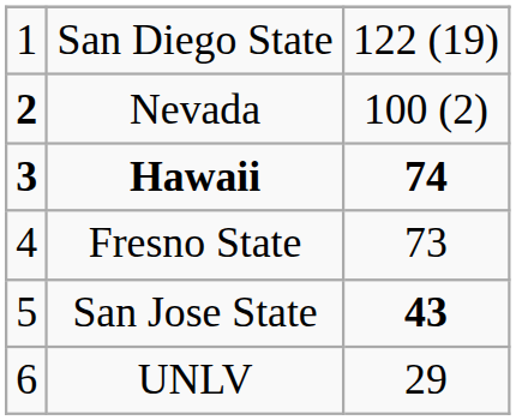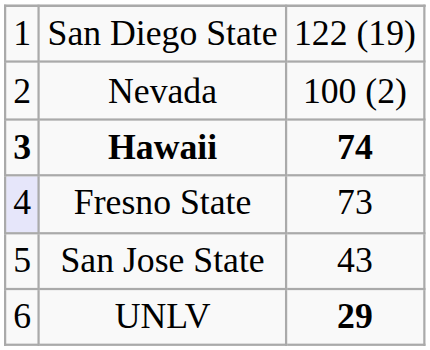 <table class="wikitable" style="display: inline-table;">
 <tr align="center">
 </tr>
 <tr align="center">
 <td>1</td>
 <td>San Diego State</td>
 <td>122 (19)</td>
 </tr>
 <tr align="center">
-<td><strong>2</strong></td>
+<td>2</td>
 <td>Nevada</td>
 <td>100 (2)</td>
 </tr>
 <tr align="center">
 <td><strong>3</strong></td>
 <td><strong>Hawaii</strong></td>
 <td><strong>74</strong></td>
 </tr>
 <tr align="center">
-<td>4</td>
+<td style="background: lavender;">4</td>
 <td>Fresno State</td>
 <td>73</td>
 </tr>
 <tr align="center">
 <td>5</td>
 <td>San Jose State</td>
-<td><strong>43</strong></td>
+<td>43</td>
 </tr>
 <tr align="center">
 <td>6</td>
 <td>UNLV</td>
-<td>29</td>
+<td><strong>29</strong></td>
 </tr>
 </table>
